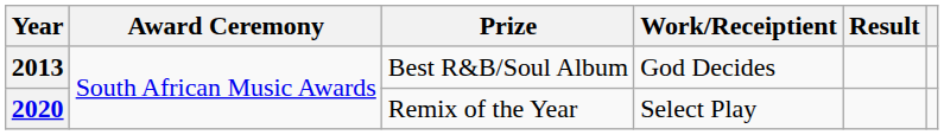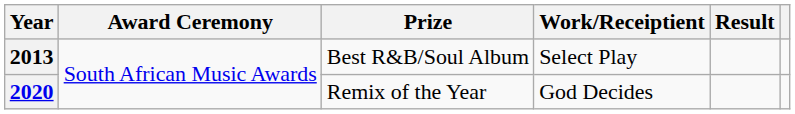 <table class="wikitable plainrowheaders">
 <tr>
 <th>Year</th>
 <th>Award Ceremony</th>
 <th>Prize</th>
 <th>Work/Receiptient</th>
 <th>Result</th>
 <th></th>
 </tr>
 <tr>
 <th scope="row">2013</th>
 <td rowspan="2"><a href='#'>South African Music Awards</a></td>
 <td>Best R&B/Soul Album</td>
-<td>God Decides</td>
+<td>Select Play</td>
 <td></td>
 <td></td>
 </tr>
 <tr>
 <th scope="row"><a href='#'>2020</a></th>
 <td>Remix of the Year</td>
-<td>Select Play</td>
+<td>God Decides</td>
 <td></td>
 <td></td>
 </tr>
 </table>
